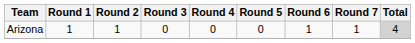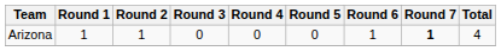 <table class="wikitable sortable" style="text-align: center;">
 <tr>
 <th>Team</th>
 <th>Round 1</th>
 <th>Round 2</th>
 <th>Round 3</th>
 <th>Round 4</th>
 <th>Round 5</th>
 <th>Round 6</th>
 <th>Round 7</th>
 <th>Total</th>
 </tr>
 <tr>
 <td>Arizona</td>
 <td>1</td>
 <td>1</td>
 <td>0</td>
 <td>0</td>
 <td>0</td>
 <td>1</td>
-<td>1</td>
-<td style="background: lightgrey;">4</td>
+<td><strong>1</strong></td>
+<td>4</td>
 </tr>
 <tr>
 </tr>
 </table>
